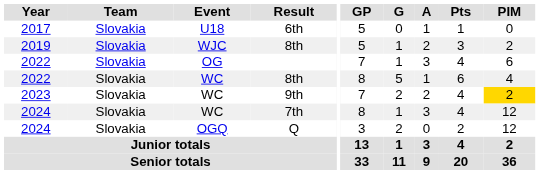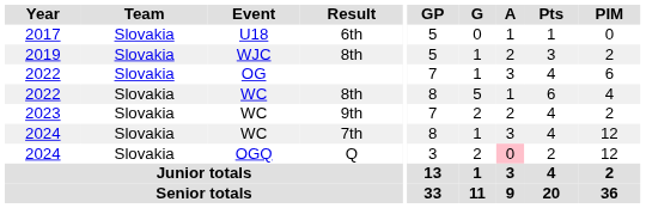 <table border="0" cellpadding="1" cellspacing="0" ID="Table3" style="text-align:center; width:40em;">
 <tr bgcolor="#e0e0e0">
 <th>Year</th>
 <th>Team</th>
 <th>Event</th>
 <th>Result</th>
 <th rowspan="98" bgcolor="#ffffff"></th>
 <th>GP</th>
 <th>G</th>
 <th>A</th>
 <th>Pts</th>
 <th>PIM</th>
 </tr>
 <tr>
 <td><a href='#'>2017</a></td>
 <td><a href='#'>Slovakia</a></td>
 <td><a href='#'>U18</a></td>
 <td>6th</td>
 <td>5</td>
 <td>0</td>
 <td>1</td>
 <td>1</td>
 <td>0</td>
 </tr>
 <tr bgcolor="#f0f0f0">
 <td><a href='#'>2019</a></td>
 <td><a href='#'>Slovakia</a></td>
 <td><a href='#'>WJC</a></td>
 <td>8th</td>
 <td>5</td>
 <td>1</td>
 <td>2</td>
 <td>3</td>
 <td>2</td>
 </tr>
 <tr>
 <td><a href='#'>2022</a></td>
 <td><a href='#'>Slovakia</a></td>
 <td><a href='#'>OG</a></td>
 <td></td>
 <td>7</td>
 <td>1</td>
 <td>3</td>
 <td>4</td>
 <td>6</td>
 </tr>
 <tr bgcolor="#f0f0f0">
 <td><a href='#'>2022</a></td>
 <td>Slovakia</td>
 <td><a href='#'>WC</a></td>
 <td>8th</td>
 <td>8</td>
 <td>5</td>
 <td>1</td>
 <td>6</td>
 <td>4</td>
 </tr>
 <tr>
 <td><a href='#'>2023</a></td>
 <td>Slovakia</td>
 <td>WC</td>
 <td>9th</td>
 <td>7</td>
 <td>2</td>
 <td>2</td>
 <td>4</td>
-<td style="background: gold;">2</td>
+<td>2</td>
 </tr>
 <tr bgcolor="#f0f0f0">
 <td><a href='#'>2024</a></td>
 <td>Slovakia</td>
 <td>WC</td>
 <td>7th</td>
 <td>8</td>
 <td>1</td>
 <td>3</td>
 <td>4</td>
 <td>12</td>
 </tr>
 <tr>
 <td><a href='#'>2024</a></td>
 <td>Slovakia</td>
 <td><a href='#'>OGQ</a></td>
 <td>Q</td>
 <td>3</td>
 <td>2</td>
-<td>0</td>
+<td style="background: pink;">0</td>
 <td>2</td>
 <td>12</td>
 </tr>
 <tr bgcolor="#e0e0e0">
 <th colspan="4">Junior totals</th>
 <th>13</th>
 <th>1</th>
 <th>3</th>
 <th>4</th>
 <th>2</th>
 </tr>
 <tr bgcolor="#e0e0e0">
 <th colspan="4">Senior totals</th>
 <th>33</th>
 <th>11</th>
 <th>9</th>
 <th>20</th>
 <th>36</th>
 </tr>
 </table>
